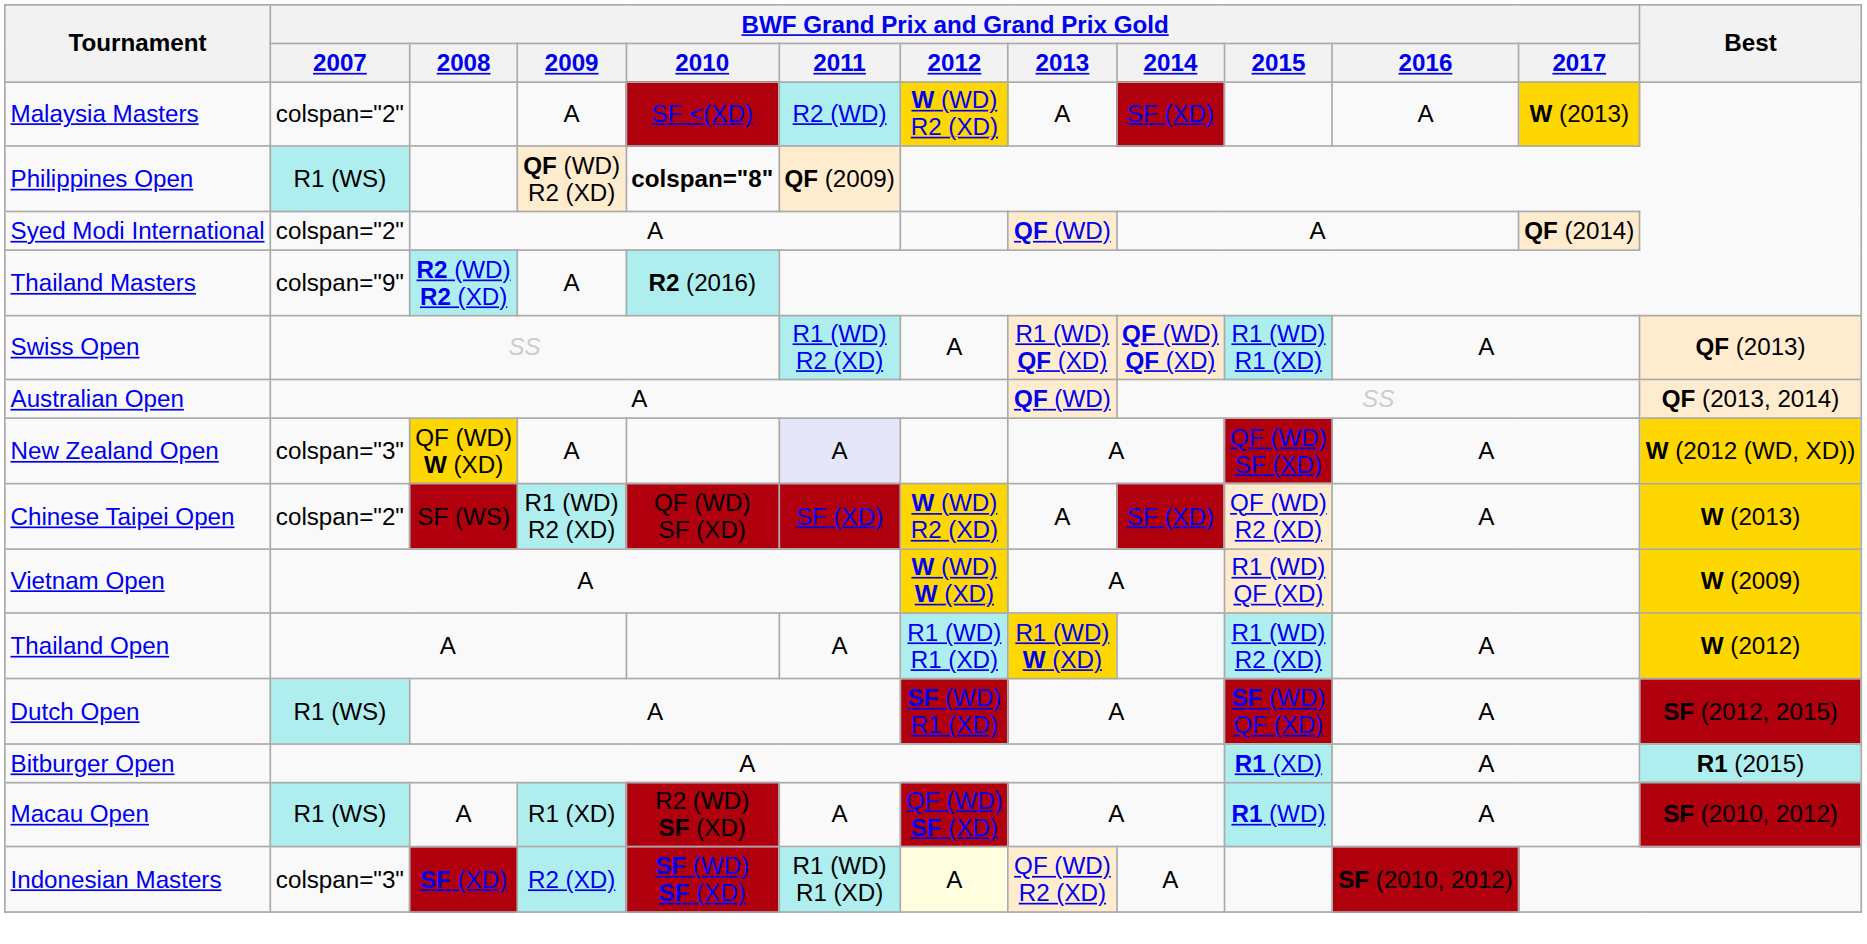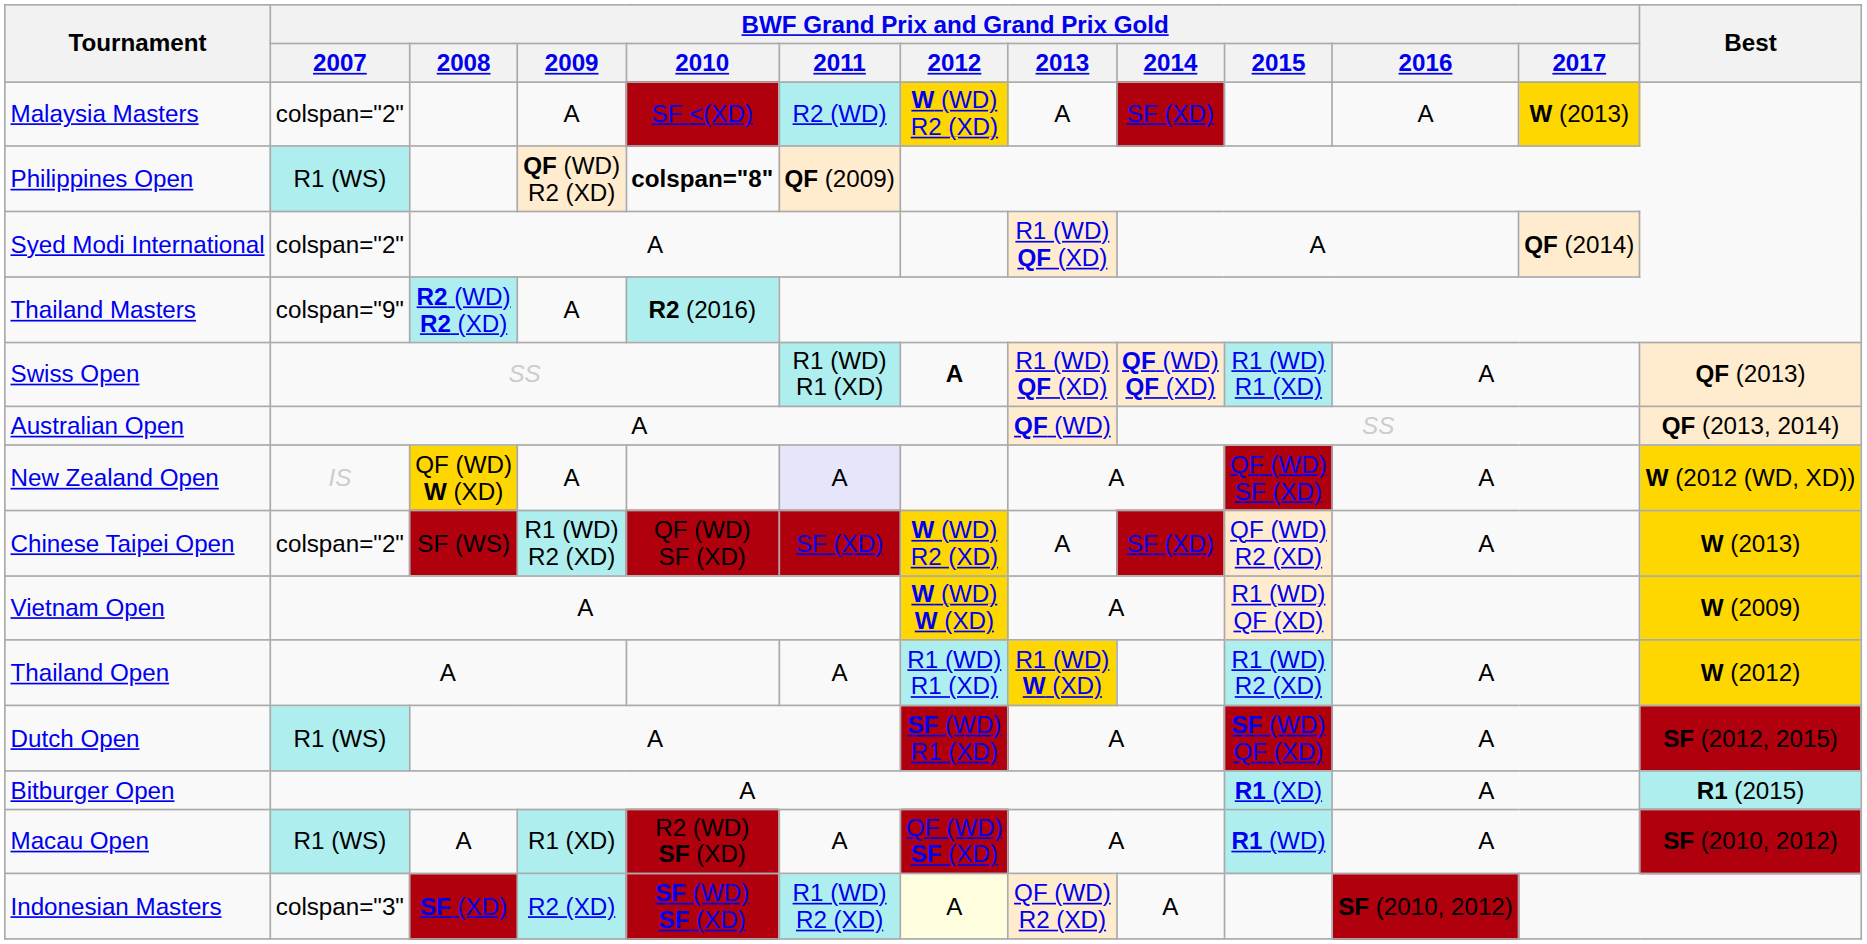 <table class="wikitable" style="font-size: 90%; text-align:center">
 <tr>
 <th rowspan="2">Tournament</th>
 <th colspan="11"><strong><a href='#'>BWF Grand Prix and Grand Prix Gold</a></strong></th>
 <th rowspan="2">Best</th>
 </tr>
 <tr>
 <th><a href='#'>2007</a></th>
 <th><a href='#'>2008</a></th>
 <th><a href='#'>2009</a></th>
 <th><a href='#'>2010</a></th>
 <th><a href='#'>2011</a></th>
 <th><a href='#'>2012</a></th>
 <th><a href='#'>2013</a></th>
 <th><a href='#'>2014</a></th>
 <th><a href='#'>2015</a></th>
 <th><a href='#'>2016</a></th>
 <th><a href='#'>2017</a></th>
 </tr>
 <tr>
 <td align=left><a href='#'>Malaysia Masters</a></td>
 <td>colspan="2" </td>
 <td></td>
 <td>A</td>
 <td bgcolor=Bronze><a href='#'>SF <(XD)</a></td>
 <td bgcolor=AFEEEE><a href='#'>R2 (WD)</a></td>
 <td bgcolor=Gold><a href='#'><strong>W</strong> (WD)</a><br><a href='#'>R2 (XD)</a></td>
 <td>A</td>
 <td bgcolor=Bronze><a href='#'>SF (XD)</a></td>
 <td></td>
 <td>A</td>
 <td bgcolor=gold><strong>W</strong> (2013)</td>
 </tr>
 <tr>
 <td align=left><a href='#'>Philippines Open</a></td>
 <td bgcolor=AFEEEE>R1 (WS)</td>
 <td></td>
 <td bgcolor=FFEBCD><strong>QF</strong> (WD)<br>R2 (XD)</td>
 <td><strong>colspan="8" </strong></td>
 <td bgcolor=FFEBCD><strong>QF</strong> (2009)</td>
 </tr>
 <tr>
 <td align=left><a href='#'>Syed Modi International</a></td>
 <td>colspan="2" </td>
 <td colspan="4">A</td>
 <td></td>
-<td bgcolor=FFEBCD><a href='#'><strong>QF</strong> (WD)</a></td>
+<td bgcolor=FFEBCD><a href='#'>R1 (WD)</a><br><a href='#'><strong>QF</strong> (XD)</a></td>
 <td colspan="3">A</td>
 <td bgcolor=FFEBCD><strong>QF</strong> (2014)</td>
 </tr>
 <tr>
 <td align=left><a href='#'>Thailand Masters</a></td>
 <td>colspan="9" </td>
 <td bgcolor=AFEEEE><a href='#'><strong>R2</strong> (WD)</a><br><a href='#'><strong>R2</strong> (XD)</a></td>
 <td>A</td>
 <td bgcolor=AFEEEE><strong>R2</strong> (2016)</td>
 </tr>
 <tr>
 <td align=left><a href='#'>Swiss Open</a></td>
 <td colspan="4" style=color:#ccc><em>SS</em></td>
-<td bgcolor=AFEEEE><a href='#'>R1 (WD)</a><br><a href='#'>R2 (XD)</a></td>
-<td>A</td>
+<td bgcolor=AFEEEE>R1 (WD)<br> R1 (XD)</td>
+<td><strong>A</strong></td>
 <td bgcolor=FFEBCD><a href='#'>R1 (WD)</a><br><a href='#'><strong>QF</strong> (XD)</a></td>
 <td bgcolor=FFEBCD><a href='#'><strong>QF</strong> (WD)</a><br><a href='#'><strong>QF</strong> (XD)</a></td>
 <td bgcolor=AFEEEE><a href='#'>R1 (WD)</a><br><a href='#'>R1 (XD)</a></td>
 <td colspan="2">A</td>
 <td bgcolor=FFEBCD><strong>QF</strong> (2013)</td>
 </tr>
 <tr>
 <td align=left><a href='#'>Australian Open</a></td>
 <td colspan="6">A</td>
 <td bgcolor=FFEBCD><a href='#'><strong>QF</strong> (WD)</a></td>
 <td colspan="4" style=color:#ccc><em>SS</em></td>
 <td bgcolor=FFEBCD><strong>QF</strong> (2013, 2014)</td>
 </tr>
 <tr>
 <td align=left><a href='#'>New Zealand Open</a></td>
-<td>colspan="3" </td>
+<td style=color:#ccc><em>IS</em></td>
 <td bgcolor=gold>QF (WD)<br><strong>W</strong> (XD)</td>
 <td>A</td>
 <td></td>
 <td style="background: lavender;">A</td>
 <td></td>
 <td colspan="2">A</td>
 <td bgcolor=Bronze><a href='#'>QF (WD)</a><br><a href='#'>SF (XD)</a></td>
 <td colspan="2">A</td>
 <td bgcolor=Gold><strong>W</strong> (2012 (WD, XD))</td>
 </tr>
 <tr>
 <td align=left><a href='#'>Chinese Taipei Open</a></td>
 <td>colspan="2" </td>
 <td bgcolor=Bronze>SF (WS)</td>
 <td bgcolor=AFEEEE>R1 (WD)<br>R2 (XD)</td>
 <td bgcolor=Bronze>QF (WD)<br> SF (XD)</td>
 <td bgcolor=Bronze><a href='#'>SF (XD)</a></td>
 <td bgcolor=Gold><a href='#'><strong>W</strong> (WD)</a><br><a href='#'>R2 (XD)</a></td>
 <td>A</td>
 <td bgcolor=Bronze><a href='#'>SF (XD)</a></td>
 <td bgcolor=FFEBCD><a href='#'>QF (WD)</a><br><a href='#'>R2 (XD)</a></td>
 <td colspan="2">A</td>
 <td bgcolor=Gold><strong>W</strong> (2013)</td>
 </tr>
 <tr>
 <td align=left><a href='#'>Vietnam Open</a></td>
 <td colspan="5">A</td>
 <td bgcolor=Gold><a href='#'><strong>W</strong> (WD)</a><br><a href='#'><strong>W</strong> (XD)</a></td>
 <td colspan="2">A</td>
 <td bgcolor=FFEBCD><a href='#'>R1 (WD)</a><br><a href='#'>QF (XD)</a></td>
 <td colspan="2"></td>
 <td bgcolor=gold><strong>W</strong> (2009)</td>
 </tr>
 <tr>
 <td align=left><a href='#'>Thailand Open</a></td>
 <td colspan="3">A</td>
 <td></td>
 <td>A</td>
 <td bgcolor=AFEEEE><a href='#'>R1 (WD)</a><br><a href='#'>R1 (XD)</a></td>
 <td bgcolor=Gold><a href='#'>R1 (WD)</a><br><a href='#'><strong>W</strong> (XD)</a></td>
 <td></td>
 <td bgcolor=AFEEEE><a href='#'>R1 (WD)</a><br><a href='#'>R2 (XD)</a></td>
 <td colspan="2">A</td>
 <td bgcolor=Gold><strong>W</strong> (2012)</td>
 </tr>
 <tr>
 <td align=left><a href='#'>Dutch Open</a></td>
 <td bgcolor=AFEEEE>R1 (WS)</td>
 <td colspan="4">A</td>
 <td bgcolor=Bronze><a href='#'><strong>SF</strong> (WD)</a><br><a href='#'>R1 (XD)</a></td>
 <td colspan="2">A</td>
 <td bgcolor=Bronze><a href='#'><strong>SF</strong> (WD)</a><br><a href='#'>QF (XD)</a></td>
 <td colspan="2">A</td>
 <td bgcolor=Bronze><strong>SF</strong> (2012, 2015)</td>
 </tr>
 <tr>
 <td align=left><a href='#'>Bitburger Open</a></td>
 <td colspan="8">A</td>
 <td bgcolor=AFEEEE><a href='#'><strong>R1</strong> (XD)</a></td>
 <td colspan="2">A</td>
 <td bgcolor=AFEEEE><strong>R1</strong> (2015)</td>
 </tr>
 <tr>
 <td align=left><a href='#'>Macau Open</a></td>
 <td bgcolor=AFEEEE>R1 (WS)</td>
 <td>A</td>
 <td bgcolor=AFEEEE>R1 (XD)</td>
 <td bgcolor=Bronze>R2 (WD)<br><strong>SF</strong> (XD)</td>
 <td>A</td>
 <td bgcolor=Bronze><a href='#'>QF (WD)</a><br><a href='#'><strong>SF</strong> (XD)</a></td>
 <td colspan="2">A</td>
 <td bgcolor=AFEEEE><a href='#'><strong>R1</strong> (WD)</a></td>
 <td colspan="2">A</td>
 <td bgcolor=Bronze><strong>SF</strong> (2010, 2012)</td>
 </tr>
 <tr>
 <td align=left><a href='#'>Indonesian Masters</a></td>
 <td>colspan="3" </td>
 <td bgcolor=Bronze><a href='#'><strong>SF</strong> (XD)</a></td>
 <td bgcolor=AFEEEE><a href='#'>R2 (XD)</a></td>
 <td bgcolor=Bronze><a href='#'><strong>SF</strong> (WD)</a><br><a href='#'><strong>SF</strong> (XD)</a></td>
-<td bgcolor=AFEEEE>R1 (WD)<br> R1 (XD)</td>
+<td bgcolor=AFEEEE><a href='#'>R1 (WD)</a><br><a href='#'>R2 (XD)</a></td>
 <td style="background: lightyellow;">A</td>
 <td bgcolor=FFEBCD><a href='#'>QF (WD)</a><br><a href='#'>R2 (XD)</a></td>
 <td>A</td>
 <td></td>
 <td bgcolor=Bronze><strong>SF</strong> (2010, 2012)</td>
 </tr>
 </table>
